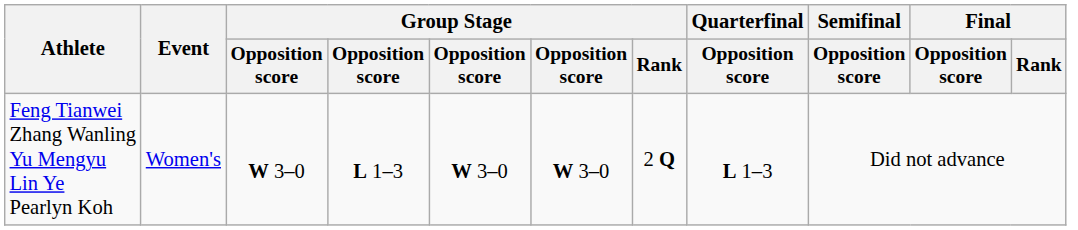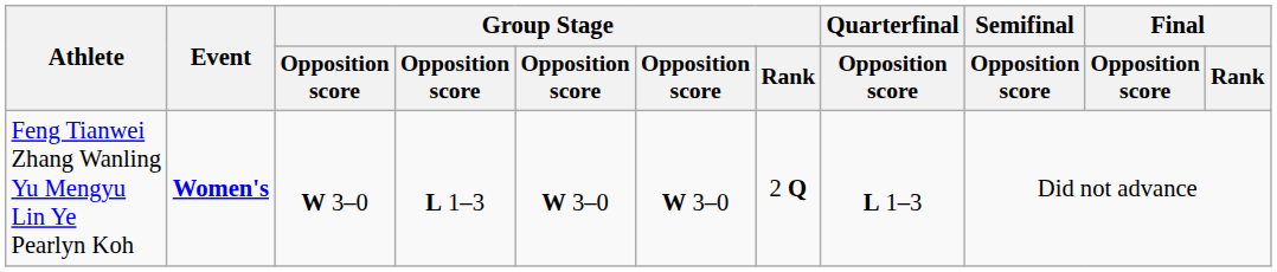 <table class=wikitable style=font-size:90%;text-align:center>
 <tr>
 <th rowspan="2">Athlete</th>
 <th rowspan="2">Event</th>
 <th colspan="5">Group Stage</th>
 <th>Quarterfinal</th>
 <th>Semifinal</th>
 <th colspan="2">Final</th>
 </tr>
 <tr style="font-size:95%">
 <th>Opposition<br>score</th>
 <th>Opposition<br>score</th>
 <th>Opposition<br>score</th>
 <th>Opposition<br>score</th>
 <th>Rank</th>
 <th>Opposition<br>score</th>
 <th>Opposition<br>score</th>
 <th>Opposition<br>score</th>
 <th>Rank</th>
 </tr>
 <tr>
 <td align=left><a href='#'>Feng Tianwei</a><br>Zhang Wanling<br><a href='#'>Yu Mengyu</a><br><a href='#'>Lin Ye</a><br>Pearlyn Koh</td>
-<td align=left><a href='#'>Women's</a></td>
+<td align=left><strong><a href='#'>Women's</a></strong></td>
 <td><br><strong>W</strong> 3–0</td>
 <td><br><strong>L</strong> 1–3</td>
 <td><br><strong>W</strong> 3–0</td>
 <td><br><strong>W</strong> 3–0</td>
 <td>2 <strong>Q</strong></td>
 <td><br><strong>L</strong> 1–3</td>
 <td colspan=3>Did not advance</td>
 </tr>
 </table>
